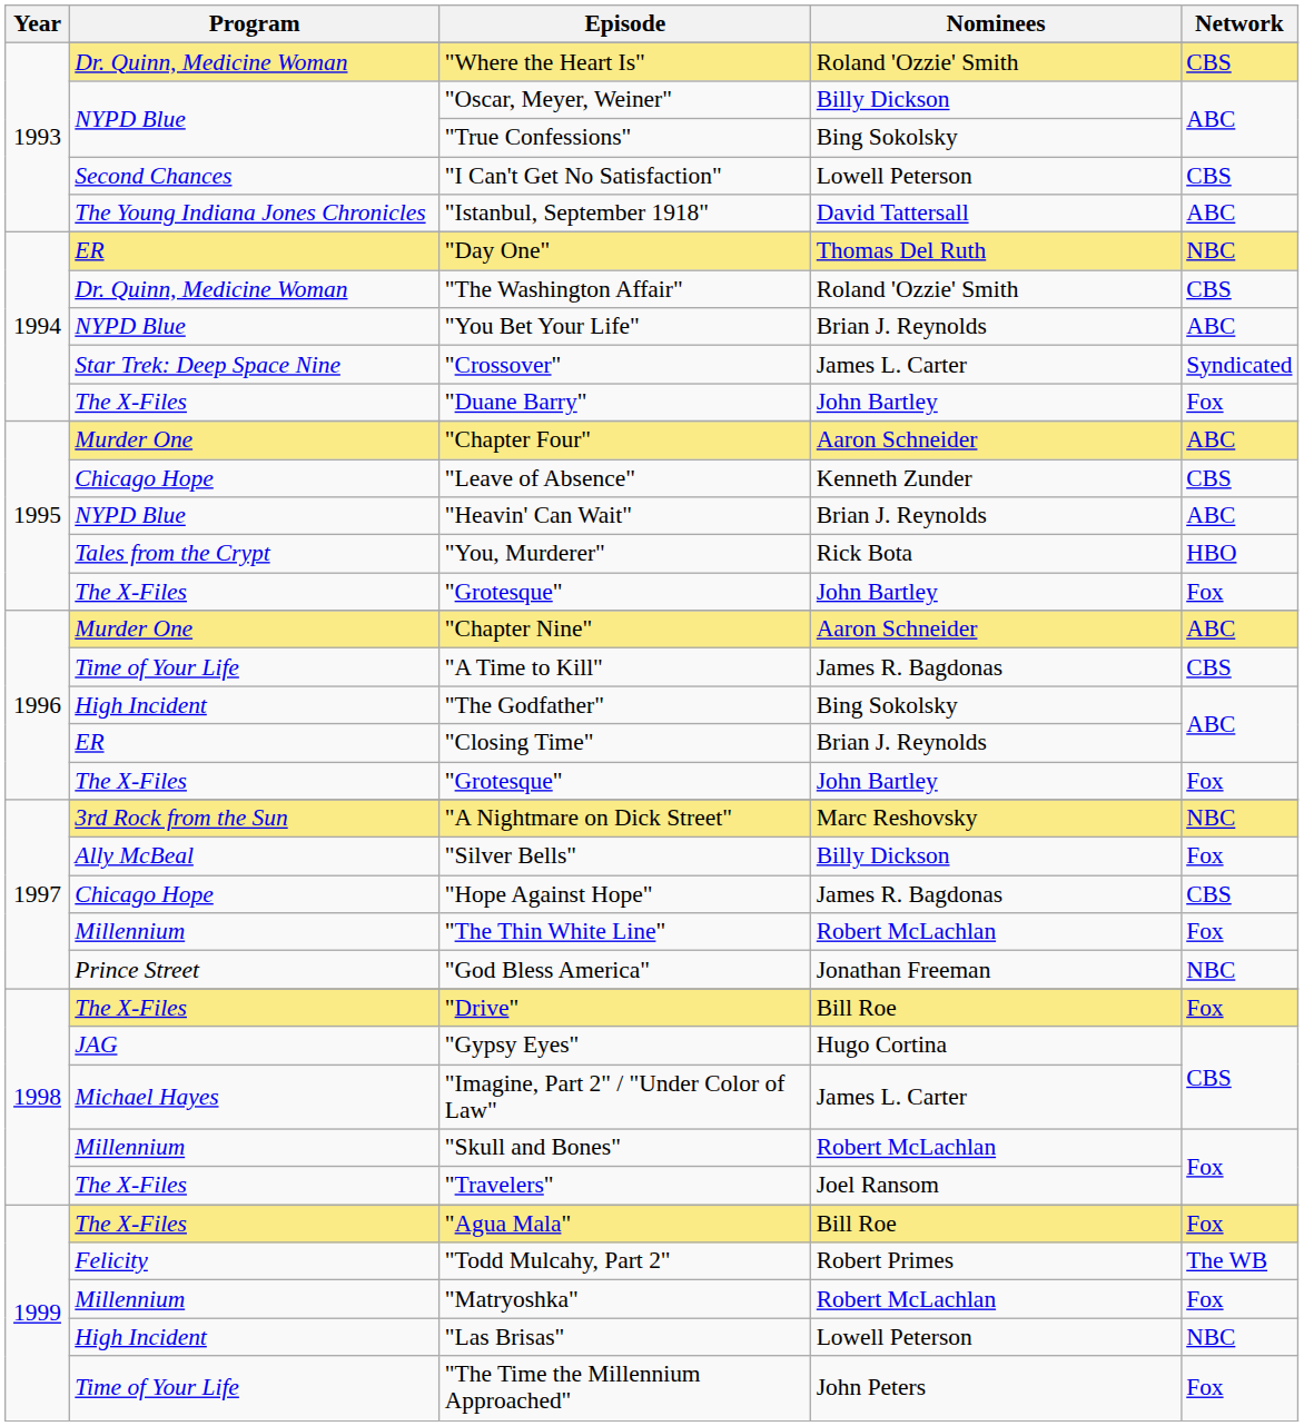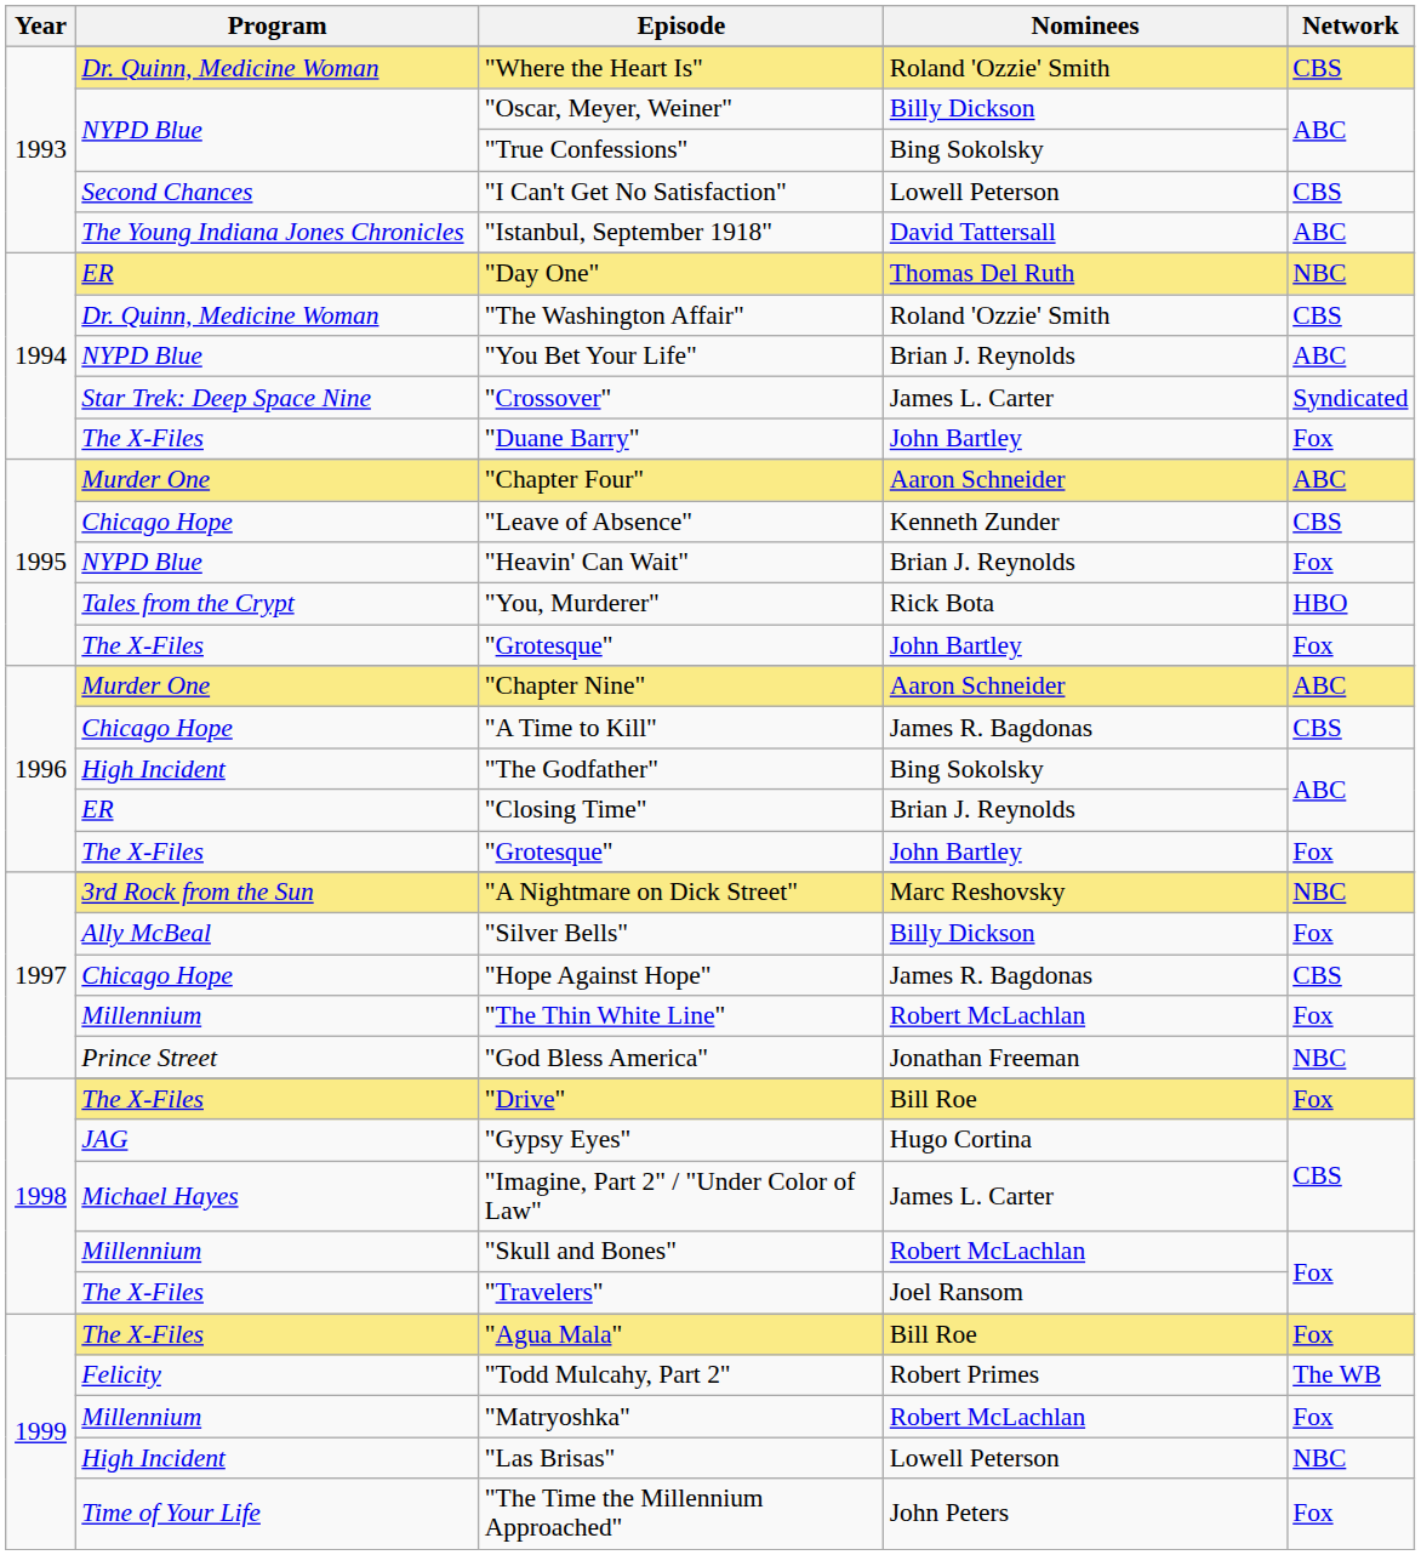 <table class="wikitable">
 <tr>
 <th width="5%">Year</th>
 <th width="30%">Program</th>
 <th width="30%">Episode</th>
 <th width="30%">Nominees</th>
 <th width="5%">Network</th>
 </tr>
 <tr>
 <td rowspan="6" style="text-align:center;">1993<br></td>
 </tr>
 <tr style="background:#FAEB86;">
 <td><em><a href='#'>Dr. Quinn, Medicine Woman</a></em></td>
 <td>"Where the Heart Is"</td>
 <td>Roland 'Ozzie' Smith</td>
 <td><a href='#'>CBS</a></td>
 </tr>
 <tr>
 <td rowspan=2><em><a href='#'>NYPD Blue</a></em></td>
 <td>"Oscar, Meyer, Weiner"</td>
 <td><a href='#'>Billy Dickson</a></td>
 <td rowspan=2><a href='#'>ABC</a></td>
 </tr>
 <tr>
 <td>"True Confessions"</td>
 <td>Bing Sokolsky</td>
 </tr>
 <tr>
 <td><em><a href='#'>Second Chances</a></em></td>
 <td>"I Can't Get No Satisfaction"</td>
 <td>Lowell Peterson</td>
 <td><a href='#'>CBS</a></td>
 </tr>
 <tr>
 <td><em><a href='#'>The Young Indiana Jones Chronicles</a></em></td>
 <td>"Istanbul, September 1918"</td>
 <td><a href='#'>David Tattersall</a></td>
 <td><a href='#'>ABC</a></td>
 </tr>
 <tr>
 <td rowspan="6" style="text-align:center;">1994<br></td>
 </tr>
 <tr style="background:#FAEB86;">
 <td><em><a href='#'>ER</a></em></td>
 <td>"Day One"</td>
 <td><a href='#'>Thomas Del Ruth</a></td>
 <td><a href='#'>NBC</a></td>
 </tr>
 <tr>
 <td><em><a href='#'>Dr. Quinn, Medicine Woman</a></em></td>
 <td>"The Washington Affair"</td>
 <td>Roland 'Ozzie' Smith</td>
 <td><a href='#'>CBS</a></td>
 </tr>
 <tr>
 <td><em><a href='#'>NYPD Blue</a></em></td>
 <td>"You Bet Your Life"</td>
 <td>Brian J. Reynolds</td>
 <td><a href='#'>ABC</a></td>
 </tr>
 <tr>
 <td><em><a href='#'>Star Trek: Deep Space Nine</a></em></td>
 <td>"<a href='#'>Crossover</a>"</td>
 <td>James L. Carter</td>
 <td><a href='#'>Syndicated</a></td>
 </tr>
 <tr>
 <td><em><a href='#'>The X-Files</a></em></td>
 <td>"<a href='#'>Duane Barry</a>"</td>
 <td><a href='#'>John Bartley</a></td>
 <td><a href='#'>Fox</a></td>
 </tr>
 <tr>
 <td rowspan="6" style="text-align:center;">1995<br></td>
 </tr>
 <tr style="background:#FAEB86;">
 <td><em><a href='#'>Murder One</a></em></td>
 <td>"Chapter Four"</td>
 <td><a href='#'>Aaron Schneider</a></td>
 <td><a href='#'>ABC</a></td>
 </tr>
 <tr>
 <td><em><a href='#'>Chicago Hope</a></em></td>
 <td>"Leave of Absence"</td>
 <td>Kenneth Zunder</td>
 <td><a href='#'>CBS</a></td>
 </tr>
 <tr>
 <td><em><a href='#'>NYPD Blue</a></em></td>
 <td>"Heavin' Can Wait"</td>
 <td>Brian J. Reynolds</td>
-<td><a href='#'>ABC</a></td>
+<td><a href='#'>Fox</a></td>
 </tr>
 <tr>
 <td><em><a href='#'>Tales from the Crypt</a></em></td>
 <td>"You, Murderer"</td>
 <td>Rick Bota</td>
 <td><a href='#'>HBO</a></td>
 </tr>
 <tr>
 <td><em><a href='#'>The X-Files</a></em></td>
 <td>"<a href='#'>Grotesque</a>"</td>
 <td><a href='#'>John Bartley</a></td>
 <td><a href='#'>Fox</a></td>
 </tr>
 <tr>
 <td rowspan="6" style="text-align:center;">1996<br></td>
 </tr>
 <tr style="background:#FAEB86;">
 <td><em><a href='#'>Murder One</a></em></td>
 <td>"Chapter Nine"</td>
 <td><a href='#'>Aaron Schneider</a></td>
 <td><a href='#'>ABC</a></td>
 </tr>
 <tr>
-<td><em><a href='#'>Time of Your Life</a></em></td>
+<td><em><a href='#'>Chicago Hope</a></em></td>
 <td>"A Time to Kill"</td>
 <td>James R. Bagdonas</td>
 <td><a href='#'>CBS</a></td>
 </tr>
 <tr>
 <td><em><a href='#'>High Incident</a></em></td>
 <td>"The Godfather"</td>
 <td>Bing Sokolsky</td>
 <td rowspan=2><a href='#'>ABC</a></td>
 </tr>
 <tr>
 <td><em><a href='#'>ER</a></em></td>
 <td>"Closing Time"</td>
 <td>Brian J. Reynolds</td>
 </tr>
 <tr>
 <td><em><a href='#'>The X-Files</a></em></td>
 <td>"<a href='#'>Grotesque</a>"</td>
 <td><a href='#'>John Bartley</a></td>
 <td><a href='#'>Fox</a></td>
 </tr>
 <tr>
 <td rowspan="6" style="text-align:center;">1997<br></td>
 </tr>
 <tr style="background:#FAEB86;">
 <td><em><a href='#'>3rd Rock from the Sun</a></em></td>
 <td>"A Nightmare on Dick Street"</td>
 <td>Marc Reshovsky</td>
 <td><a href='#'>NBC</a></td>
 </tr>
 <tr>
 <td><em><a href='#'>Ally McBeal</a></em></td>
 <td>"Silver Bells"</td>
 <td><a href='#'>Billy Dickson</a></td>
 <td><a href='#'>Fox</a></td>
 </tr>
 <tr>
 <td><em><a href='#'>Chicago Hope</a></em></td>
 <td>"Hope Against Hope"</td>
 <td>James R. Bagdonas</td>
 <td><a href='#'>CBS</a></td>
 </tr>
 <tr>
 <td><em><a href='#'>Millennium</a></em></td>
 <td>"<a href='#'>The Thin White Line</a>"</td>
 <td><a href='#'>Robert McLachlan</a></td>
 <td><a href='#'>Fox</a></td>
 </tr>
 <tr>
 <td><em>Prince Street</em></td>
 <td>"God Bless America"</td>
 <td>Jonathan Freeman</td>
 <td><a href='#'>NBC</a></td>
 </tr>
 <tr>
 <td rowspan="6" style="text-align:center;"><a href='#'>1998</a><br></td>
 </tr>
 <tr style="background:#FAEB86;">
 <td><em><a href='#'>The X-Files</a></em></td>
 <td>"<a href='#'>Drive</a>"</td>
 <td>Bill Roe</td>
 <td><a href='#'>Fox</a></td>
 </tr>
 <tr>
 <td><em><a href='#'>JAG</a></em></td>
 <td>"Gypsy Eyes"</td>
 <td>Hugo Cortina</td>
 <td rowspan=2><a href='#'>CBS</a></td>
 </tr>
 <tr>
 <td><em><a href='#'>Michael Hayes</a></em></td>
 <td>"Imagine, Part 2" / "Under Color of Law"</td>
 <td>James L. Carter</td>
 </tr>
 <tr>
 <td><em><a href='#'>Millennium</a></em></td>
 <td>"Skull and Bones"</td>
 <td><a href='#'>Robert McLachlan</a></td>
 <td rowspan=2><a href='#'>Fox</a></td>
 </tr>
 <tr>
 <td><em><a href='#'>The X-Files</a></em></td>
 <td>"<a href='#'>Travelers</a>"</td>
 <td>Joel Ransom</td>
 </tr>
 <tr>
 <td rowspan="6" style="text-align:center;"><a href='#'>1999</a><br></td>
 </tr>
 <tr style="background:#FAEB86;">
 <td><em><a href='#'>The X-Files</a></em></td>
 <td>"<a href='#'>Agua Mala</a>"</td>
 <td>Bill Roe</td>
 <td><a href='#'>Fox</a></td>
 </tr>
 <tr>
 <td><em><a href='#'>Felicity</a></em></td>
 <td>"Todd Mulcahy, Part 2"</td>
 <td>Robert Primes</td>
 <td><a href='#'>The WB</a></td>
 </tr>
 <tr>
 <td><em><a href='#'>Millennium</a></em></td>
 <td>"Matryoshka"</td>
 <td><a href='#'>Robert McLachlan</a></td>
 <td><a href='#'>Fox</a></td>
 </tr>
 <tr>
 <td><em><a href='#'>High Incident</a></em></td>
 <td>"Las Brisas"</td>
 <td>Lowell Peterson</td>
 <td><a href='#'>NBC</a></td>
 </tr>
 <tr>
 <td><em><a href='#'>Time of Your Life</a></em></td>
 <td>"The Time the Millennium Approached"</td>
 <td>John Peters</td>
 <td><a href='#'>Fox</a></td>
 </tr>
 <tr>
 </tr>
 </table>
